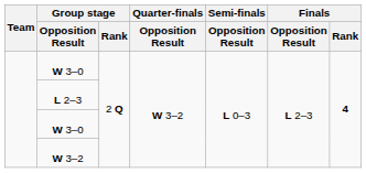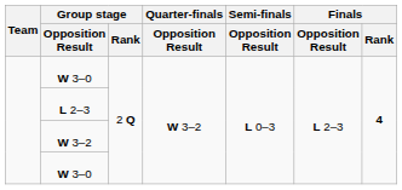 <table class=wikitable>
 <tr>
 <th rowspan="2">Team</th>
 <th colspan="2">Group stage</th>
 <th>Quarter-finals</th>
 <th>Semi-finals</th>
 <th colspan="2">Finals</th>
 </tr>
 <tr>
 <th>Opposition<br>Result</th>
 <th>Rank</th>
 <th>Opposition<br>Result</th>
 <th>Opposition<br>Result</th>
 <th>Opposition<br>Result</th>
 <th>Rank</th>
 </tr>
 <tr>
 <td align="center" rowspan="4"></td>
 <td align="center"><br><strong>W</strong> 3–0</td>
 <td align="center" rowspan="4">2 <strong>Q</strong></td>
 <td align="center" rowspan="4"><br><strong>W</strong> 3–2</td>
 <td align="center" rowspan="4"><br><strong>L</strong> 0–3</td>
 <td align="center" rowspan="4"><br><strong>L</strong> 2–3</td>
 <td align="center" rowspan="4"><strong>4</strong></td>
 </tr>
 <tr>
 <td align="center"><br><strong>L</strong> 2–3</td>
 </tr>
 <tr>
+<td align="center"><br><strong>W</strong> 3–2</td>
+</tr>
+<tr>
 <td align="center"><br><strong>W</strong> 3–0</td>
 </tr>
-<tr>
-<td align="center"><br><strong>W</strong> 3–2</td>
-</tr>
 </table>
